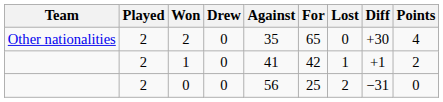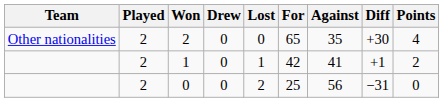 <table class="wikitable" style="text-align:center">
 <tr>
 <th>Team</th>
 <th>Played</th>
 <th>Won</th>
 <th>Drew</th>
+<th>Lost</th>
+<th>For</th>
 <th>Against</th>
-<th>For</th>
-<th>Lost</th>
 <th>Diff</th>
 <th>Points</th>
 </tr>
 <tr>
 <td align=left> <a href='#'>Other nationalities</a></td>
 <td>2</td>
 <td>2</td>
 <td>0</td>
+<td>0</td>
+<td>65</td>
 <td>35</td>
-<td>65</td>
-<td>0</td>
 <td>+30</td>
 <td>4</td>
 </tr>
 <tr>
 <td align=left></td>
 <td>2</td>
 <td>1</td>
 <td>0</td>
+<td>1</td>
+<td>42</td>
 <td>41</td>
-<td>42</td>
-<td>1</td>
 <td>+1</td>
 <td>2</td>
 </tr>
 <tr>
 <td align=left></td>
 <td>2</td>
 <td>0</td>
 <td>0</td>
+<td>2</td>
+<td>25</td>
 <td>56</td>
-<td>25</td>
-<td>2</td>
 <td>−31</td>
 <td>0</td>
 </tr>
 </table>
